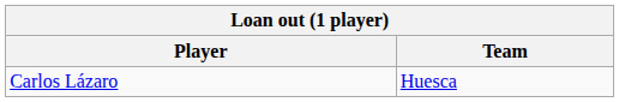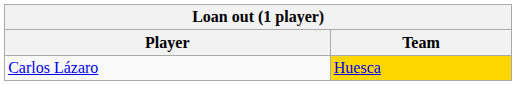 <table class="wikitable collapsible collapsed">
 <tr>
 <th colspan="2" width="500"> <strong>Loan out</strong> (1 player)</th>
 </tr>
 <tr>
 <th>Player</th>
 <th>Team</th>
 </tr>
 <tr>
 <td> <a href='#'>Carlos Lázaro</a></td>
-<td> <a href='#'>Huesca</a></td>
+<td style="background: gold;"> <a href='#'>Huesca</a></td>
 </tr>
 <tr>
 </tr>
 </table>
